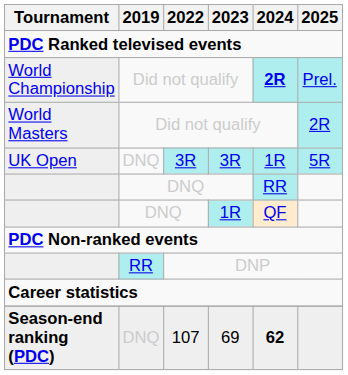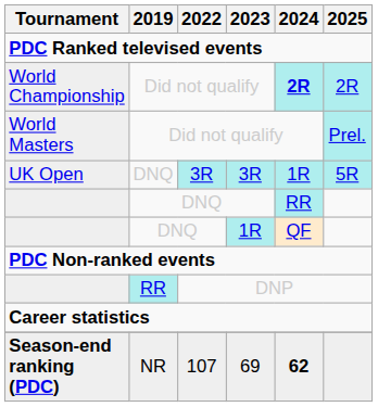 <table class="wikitable" style="width:20%; margin:0">
 <tr>
 <th>Tournament</th>
 <th>2019</th>
 <th>2022</th>
 <th>2023</th>
 <th>2024</th>
 <th>2025</th>
 </tr>
 <tr>
 <td colspan="9" style="text-align:left"><strong><a href='#'>PDC</a> Ranked televised events</strong></td>
 </tr>
 <tr>
 <td style="background:#efefef;"><a href='#'>World Championship</a></td>
 <td colspan="3" style="text-align:center; color:#ccc;">Did not qualify</td>
 <td style="text-align:center; background:#afeeee;"><strong><a href='#'>2R</a></strong></td>
-<td style="text-align:center; background:#afeeee;"><a href='#'>Prel.</a></td>
+<td style="text-align:center; background:#afeeee;"><a href='#'>2R</a></td>
 </tr>
 <tr>
 <td style="background:#efefef;"><a href='#'>World Masters</a></td>
 <td colspan="4" style="text-align:center; color:#ccc;">Did not qualify</td>
-<td style="text-align:center; background:#afeeee;"><a href='#'>2R</a></td>
+<td style="text-align:center; background:#afeeee;"><a href='#'>Prel.</a></td>
 </tr>
 <tr>
 <td style="background:#efefef;"><a href='#'>UK Open</a></td>
 <td style="text-align:center; color:#ccc;">DNQ</td>
 <td style="text-align:center; background:#afeeee;"><a href='#'>3R</a></td>
 <td style="text-align:center; background:#afeeee;"><a href='#'>3R</a></td>
 <td style="text-align:center; background:#afeeee;"><a href='#'>1R</a></td>
 <td style="text-align:center; background:#afeeee;"><a href='#'>5R</a></td>
 </tr>
 <tr>
 <td style="background:#efefef;"></td>
 <td colspan="3" style="text-align:center; color:#ccc;">DNQ</td>
 <td style="text-align:center; background:#afeeee;"><a href='#'>RR</a></td>
 <td></td>
 </tr>
 <tr>
 <td style="background:#efefef;"></td>
 <td colspan="2" style="text-align:center; color:#ccc;">DNQ</td>
 <td style="text-align:center; background:#afeeee;"><a href='#'>1R</a></td>
 <td style="text-align:center; background:#ffebcd;"><a href='#'>QF</a></td>
 <td></td>
 </tr>
 <tr>
 <td colspan="9" style="text-align:left"><strong><a href='#'>PDC</a> Non-ranked events</strong></td>
 </tr>
 <tr>
 <td style="background:#efefef;"></td>
 <td style="text-align:center; background:#afeeee;"><a href='#'>RR</a></td>
 <td colspan="4" style="text-align:center; color:#ccc;">DNP</td>
 </tr>
 <tr>
 <td colspan="9" style="text-align:left"><strong>Career statistics</strong></td>
 </tr>
 <tr>
 </tr>
 <tr style="background:#efefef">
 <td style="text-align:left"><strong>Season-end ranking (<a href='#'>PDC</a>)</strong></td>
-<td style="text-align:center; color:#ccc;">DNQ</td>
+<td style="text-align:center">NR</td>
 <td style="text-align:center;">107</td>
 <td style="text-align:center;">69</td>
 <td style="text-align:center;"><strong>62</strong></td>
 <td></td>
 </tr>
 </table>
